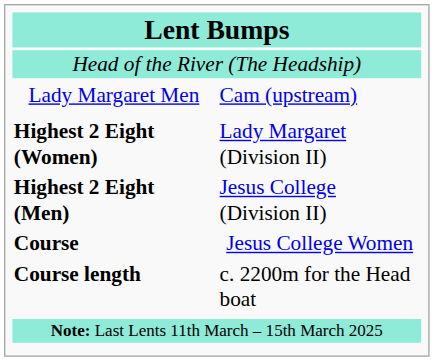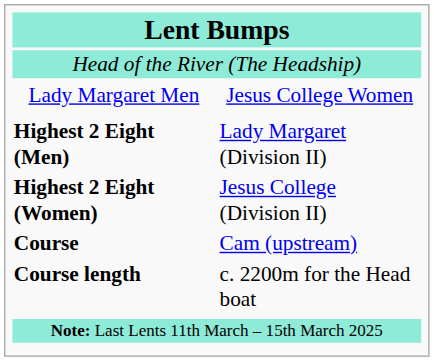 <table class="infobox" style="width: 20em; font-size: 95%;">
 <tr>
 <td colspan="2" style="text-align: center; font-size: 130%;background: #8EEBD8;color:black"><strong>Lent Bumps</strong></td>
 </tr>
 <tr>
 <td colspan="2" style="text-align: center; font-size: 100%; background: #8EEBD8; color:black"><em>Head of the River (The Headship)</em></td>
 </tr>
 <tr>
 <td style="text-align: center"><a href='#'>Lady Margaret Men</a></td>
-<td><a href='#'>Cam (upstream)</a></td>
+<td style="text-align: center"><a href='#'>Jesus College Women</a></td>
 </tr>
 <tr>
 <td style="width:25%; vertical-align:middle; text-align:center;"></td>
 <td style="width:25%; vertical-align:middle; text-align:center;"></td>
 </tr>
 <tr>
-<td><strong>Highest 2 Eight (Women)</strong></td>
+<td><strong>Highest 2 Eight (Men)</strong></td>
 <td><a href='#'>Lady Margaret</a> (Division II)</td>
 </tr>
 <tr>
-<td><strong>Highest 2 Eight (Men)</strong></td>
+<td><strong>Highest 2 Eight (Women)</strong></td>
 <td><a href='#'>Jesus College</a> (Division II)</td>
 </tr>
 <tr>
 <td><strong>Course</strong></td>
-<td style="text-align: center"><a href='#'>Jesus College Women</a></td>
+<td><a href='#'>Cam (upstream)</a></td>
 </tr>
 <tr>
 <td><strong>Course length</strong></td>
 <td>c. 2200m for the Head boat</td>
 </tr>
 <tr>
 </tr>
 <tr>
 <td colspan="2" style="text-align: center; font-size: 80%; background: #8EEBD8; color:black"><strong>Note:</strong> Last Lents 11th March – 15th March 2025</td>
 </tr>
 <tr>
 <td colspan="2" style="text-align: center"></td>
 </tr>
 </table>
